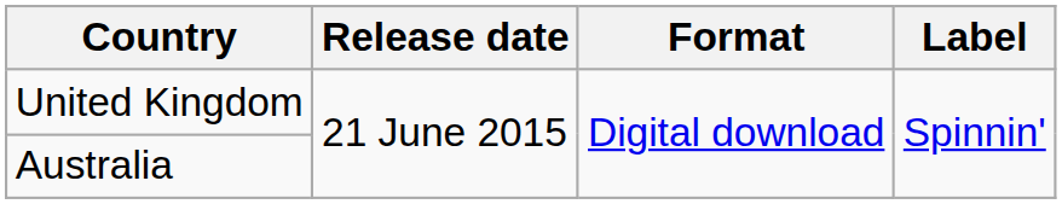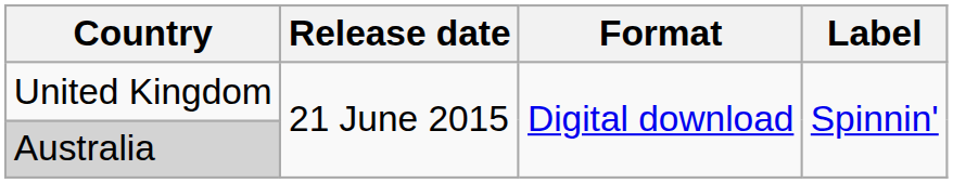 <table class="wikitable sortable plainrowheaders">
 <tr>
 <th scope="col">Country</th>
 <th scope="col">Release date</th>
 <th scope="col">Format</th>
 <th scope="col">Label</th>
 </tr>
 <tr>
 <td>United Kingdom</td>
 <td rowspan=2>21 June 2015</td>
 <td rowspan=2><a href='#'>Digital download</a></td>
 <td rowspan=2><a href='#'>Spinnin'</a></td>
 </tr>
 <tr>
-<td>Australia</td>
+<td style="background: lightgrey;">Australia</td>
 </tr>
 </table>
